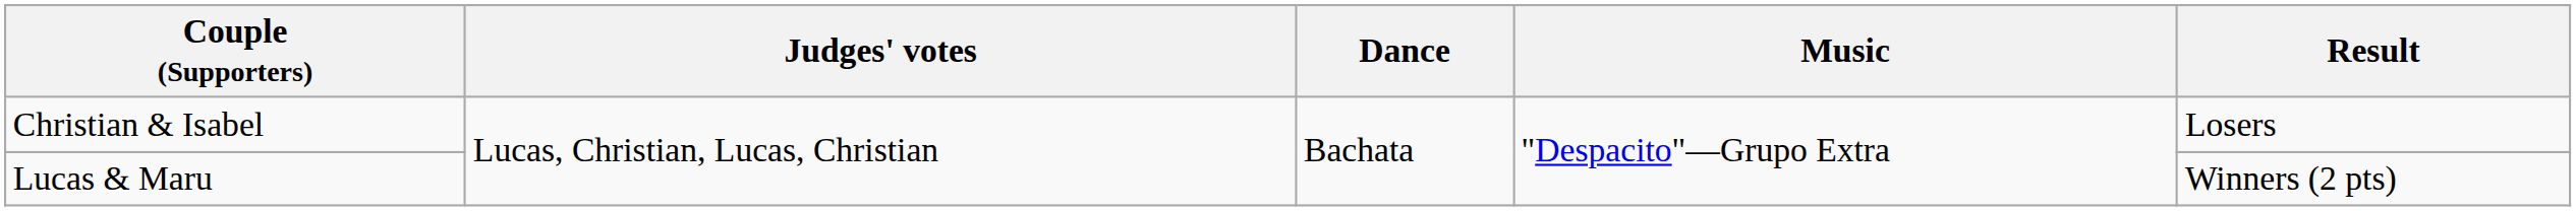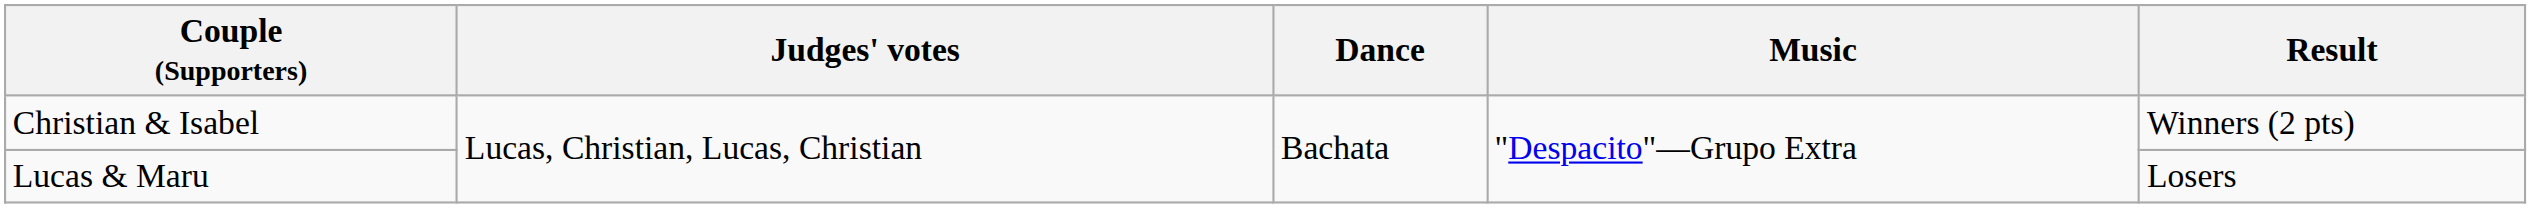 <table class="wikitable sortable" style="width:95%; white-space:nowrap;">
 <tr>
 <th>Couple<br><small>(Supporters)</small></th>
 <th>Judges' votes</th>
 <th>Dance</th>
 <th>Music</th>
 <th>Result</th>
 </tr>
 <tr>
 <td>Christian & Isabel<br></td>
 <td rowspan=2>Lucas, Christian, Lucas, Christian</td>
 <td rowspan=2>Bachata</td>
 <td rowspan=2>"<a href='#'>Despacito</a>"—Grupo Extra</td>
-<td>Losers</td>
+<td>Winners (2 pts)</td>
 </tr>
 <tr>
 <td>Lucas & Maru<br></td>
-<td>Winners (2 pts)</td>
+<td>Losers</td>
 </tr>
 </table>
